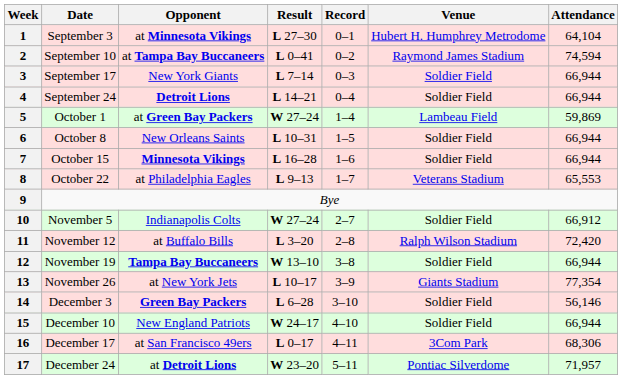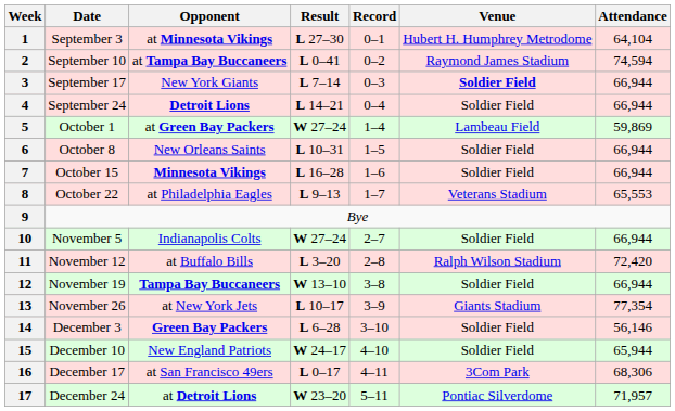 <table class="wikitable" style="text-align:center">
 <tr>
 <th>Week</th>
 <th>Date</th>
 <th>Opponent</th>
 <th>Result</th>
 <th>Record</th>
 <th>Venue</th>
 <th>Attendance</th>
 </tr>
 <tr style="background:#ffdddd">
 <th>1</th>
 <td>September 3</td>
 <td>at <strong><a href='#'>Minnesota Vikings</a></strong></td>
 <td><strong>L</strong> 27–30</td>
 <td>0–1</td>
 <td><a href='#'>Hubert H. Humphrey Metrodome</a></td>
 <td>64,104</td>
 </tr>
 <tr style="background:#ffdddd">
 <th>2</th>
 <td>September 10</td>
 <td>at <strong><a href='#'>Tampa Bay Buccaneers</a></strong></td>
 <td><strong>L</strong> 0–41</td>
 <td>0–2</td>
 <td><a href='#'>Raymond James Stadium</a></td>
 <td>74,594</td>
 </tr>
 <tr style="background:#ffdddd">
 <th>3</th>
 <td>September 17</td>
 <td><a href='#'>New York Giants</a></td>
 <td><strong>L</strong> 7–14</td>
 <td>0–3</td>
-<td><a href='#'>Soldier Field</a></td>
+<td><strong><a href='#'>Soldier Field</a></strong></td>
 <td>66,944</td>
 </tr>
 <tr style="background:#ffdddd">
 <th>4</th>
 <td>September 24</td>
 <td><strong><a href='#'>Detroit Lions</a></strong></td>
 <td><strong>L</strong> 14–21</td>
 <td>0–4</td>
 <td>Soldier Field</td>
 <td>66,944</td>
 </tr>
 <tr style="background:#ddffdd">
 <th>5</th>
 <td>October 1</td>
 <td>at <strong><a href='#'>Green Bay Packers</a></strong></td>
 <td><strong>W</strong> 27–24</td>
 <td>1–4</td>
 <td><a href='#'>Lambeau Field</a></td>
 <td>59,869</td>
 </tr>
 <tr style="background:#ffdddd">
 <th>6</th>
 <td>October 8</td>
 <td><a href='#'>New Orleans Saints</a></td>
 <td><strong>L</strong> 10–31</td>
 <td>1–5</td>
 <td>Soldier Field</td>
 <td>66,944</td>
 </tr>
 <tr style="background:#ffdddd">
 <th>7</th>
 <td>October 15</td>
 <td><strong><a href='#'>Minnesota Vikings</a></strong></td>
 <td><strong>L</strong> 16–28</td>
 <td>1–6</td>
 <td>Soldier Field</td>
 <td>66,944</td>
 </tr>
 <tr style="background:#ffdddd">
 <th>8</th>
 <td>October 22</td>
 <td>at <a href='#'>Philadelphia Eagles</a></td>
 <td><strong>L</strong> 9–13</td>
 <td>1–7</td>
 <td><a href='#'>Veterans Stadium</a></td>
 <td>65,553</td>
 </tr>
 <tr>
 <th>9</th>
 <td colspan="6"><em>Bye</em></td>
 </tr>
 <tr style="background:#ddffdd">
 <th>10</th>
 <td>November 5</td>
 <td><a href='#'>Indianapolis Colts</a></td>
 <td><strong>W</strong> 27–24</td>
 <td>2–7</td>
 <td>Soldier Field</td>
-<td>66,912</td>
+<td>66,944</td>
 </tr>
 <tr style="background:#ffdddd">
 <th>11</th>
 <td>November 12</td>
 <td>at <a href='#'>Buffalo Bills</a></td>
 <td><strong>L</strong> 3–20</td>
 <td>2–8</td>
 <td><a href='#'>Ralph Wilson Stadium</a></td>
 <td>72,420</td>
 </tr>
 <tr style="background:#ddffdd">
 <th>12</th>
 <td>November 19</td>
 <td><strong><a href='#'>Tampa Bay Buccaneers</a></strong></td>
 <td><strong>W</strong> 13–10</td>
 <td>3–8</td>
 <td>Soldier Field</td>
 <td>66,944</td>
 </tr>
 <tr style="background:#ffdddd">
 <th>13</th>
 <td>November 26</td>
 <td>at <a href='#'>New York Jets</a></td>
 <td><strong>L</strong> 10–17</td>
 <td>3–9</td>
 <td><a href='#'>Giants Stadium</a></td>
 <td>77,354</td>
 </tr>
 <tr style="background:#ffdddd">
 <th>14</th>
 <td>December 3</td>
 <td><strong><a href='#'>Green Bay Packers</a></strong></td>
 <td><strong>L</strong> 6–28</td>
 <td>3–10</td>
 <td>Soldier Field</td>
 <td>56,146</td>
 </tr>
 <tr style="background:#ddffdd">
 <th>15</th>
 <td>December 10</td>
 <td><a href='#'>New England Patriots</a></td>
 <td><strong>W</strong> 24–17</td>
 <td>4–10</td>
 <td>Soldier Field</td>
-<td>66,944</td>
+<td>65,944</td>
 </tr>
 <tr style="background:#ffdddd">
 <th>16</th>
 <td>December 17</td>
 <td>at <a href='#'>San Francisco 49ers</a></td>
 <td><strong>L</strong> 0–17</td>
 <td>4–11</td>
 <td><a href='#'>3Com Park</a></td>
 <td>68,306</td>
 </tr>
 <tr style="background:#ddffdd">
 <th>17</th>
 <td>December 24</td>
 <td>at <strong><a href='#'>Detroit Lions</a></strong></td>
 <td><strong>W</strong> 23–20</td>
 <td>5–11</td>
 <td><a href='#'>Pontiac Silverdome</a></td>
 <td>71,957</td>
 </tr>
 </table>
